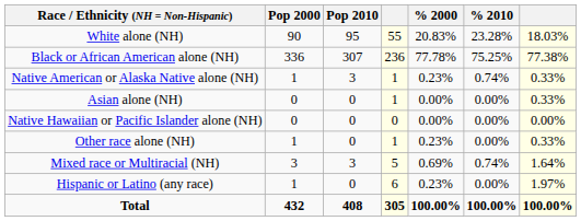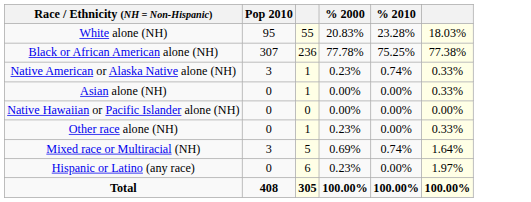 <table class="wikitable" style="text-align:center;">
 <tr>
 <th>Race / Ethnicity <small>(<em>NH = Non-Hispanic</em>)</small></th>
-<th>Pop 2000</th>
 <th>Pop 2010</th>
 <th></th>
 <th>% 2000</th>
 <th>% 2010</th>
 <th></th>
 </tr>
 <tr>
 <td><a href='#'>White</a> alone (NH)</td>
-<td>90</td>
 <td>95</td>
 <td style='background: #ffffe6;'>55</td>
 <td>20.83%</td>
 <td>23.28%</td>
 <td style='background: #ffffe6;'>18.03%</td>
 </tr>
 <tr>
 <td><a href='#'>Black or African American</a> alone (NH)</td>
-<td>336</td>
 <td>307</td>
 <td style='background: #ffffe6;'>236</td>
 <td>77.78%</td>
 <td>75.25%</td>
 <td style='background: #ffffe6;'>77.38%</td>
 </tr>
 <tr>
 <td><a href='#'>Native American</a> or <a href='#'>Alaska Native</a> alone (NH)</td>
-<td>1</td>
 <td>3</td>
 <td style='background: #ffffe6;'>1</td>
 <td>0.23%</td>
 <td>0.74%</td>
 <td style='background: #ffffe6;'>0.33%</td>
 </tr>
 <tr>
 <td><a href='#'>Asian</a> alone (NH)</td>
 <td>0</td>
-<td>0</td>
 <td style='background: #ffffe6;'>1</td>
 <td>0.00%</td>
 <td>0.00%</td>
 <td style='background: #ffffe6;'>0.33%</td>
 </tr>
 <tr>
 <td><a href='#'>Native Hawaiian</a> or <a href='#'>Pacific Islander</a> alone (NH)</td>
 <td>0</td>
-<td>0</td>
 <td style='background: #ffffe6;'>0</td>
 <td>0.00%</td>
 <td>0.00%</td>
 <td style='background: #ffffe6;'>0.00%</td>
 </tr>
 <tr>
 <td><a href='#'>Other race</a> alone (NH)</td>
-<td>1</td>
 <td>0</td>
 <td style='background: #ffffe6;'>1</td>
 <td>0.23%</td>
 <td>0.00%</td>
 <td style='background: #ffffe6;'>0.33%</td>
 </tr>
 <tr>
 <td><a href='#'>Mixed race or Multiracial</a> (NH)</td>
 <td>3</td>
-<td>3</td>
 <td style='background: #ffffe6;'>5</td>
 <td>0.69%</td>
 <td>0.74%</td>
 <td style='background: #ffffe6;'>1.64%</td>
 </tr>
 <tr>
 <td><a href='#'>Hispanic or Latino</a> (any race)</td>
-<td>1</td>
 <td>0</td>
 <td style='background: #ffffe6;'>6</td>
 <td>0.23%</td>
 <td>0.00%</td>
 <td style='background: #ffffe6;'>1.97%</td>
 </tr>
 <tr>
 <td><strong>Total</strong></td>
-<td><strong>432</strong></td>
 <td><strong>408</strong></td>
 <td style='background: #ffffe6;'><strong>305</strong></td>
 <td><strong>100.00%</strong></td>
 <td><strong>100.00%</strong></td>
 <td style='background: #ffffe6;'><strong>100.00%</strong></td>
 </tr>
 </table>
